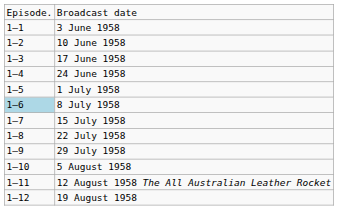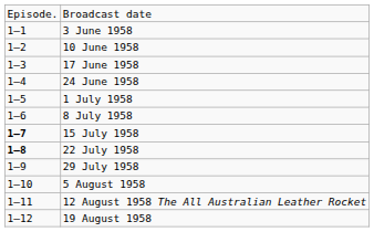 <table class="wikitable">
 <tr>
 <td>Episode.</td>
 <td>Broadcast date</td>
 </tr>
 <tr>
 <td>1–1</td>
 <td>3 June 1958</td>
 </tr>
 <tr>
 <td>1–2</td>
 <td>10 June 1958</td>
 </tr>
 <tr>
 <td>1–3</td>
 <td>17 June 1958</td>
 </tr>
 <tr>
 <td>1–4</td>
 <td>24 June 1958</td>
 </tr>
 <tr>
 <td>1–5</td>
 <td>1 July 1958</td>
 </tr>
 <tr>
-<td style="background: lightblue;">1–6</td>
+<td>1–6</td>
 <td>8 July 1958</td>
 </tr>
 <tr>
-<td>1–7</td>
+<td><strong>1–7</strong></td>
 <td>15 July 1958</td>
 </tr>
 <tr>
-<td>1–8</td>
+<td><strong>1–8</strong></td>
 <td>22 July 1958</td>
 </tr>
 <tr>
 <td>1–9</td>
 <td>29 July 1958</td>
 </tr>
 <tr>
 <td>1–10</td>
 <td>5 August 1958</td>
 </tr>
 <tr>
 <td>1–11</td>
 <td>12 August 1958 <em>The All Australian Leather Rocket</em></td>
 </tr>
 <tr>
 <td>1–12</td>
 <td>19 August 1958</td>
 </tr>
 </table>
